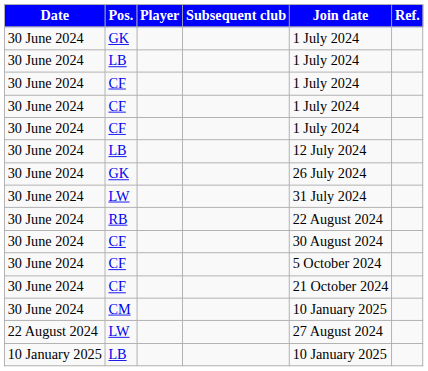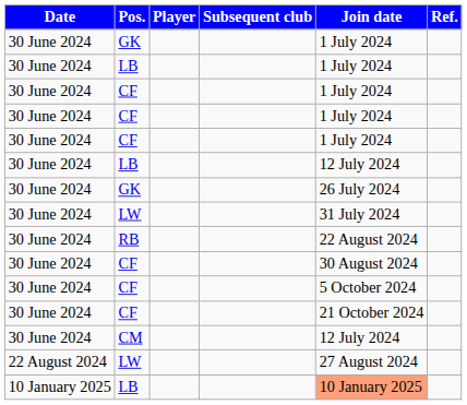 <table class="wikitable plainrowheaders sortable">
 <tr>
 <th style="background:#0000FF; color:#FFFFFF; ">Date</th>
 <th style="background:#0000FF; color:#FFFFFF; ">Pos.</th>
 <th style="background:#0000FF; color:#FFFFFF; ">Player</th>
 <th style="background:#0000FF; color:#FFFFFF; ">Subsequent club</th>
 <th style="background:#0000FF; color:#FFFFFF; ">Join date</th>
 <th style="background:#0000FF; color:#FFFFFF; ">Ref.</th>
 </tr>
 <tr>
 <td>30 June 2024</td>
 <td><a href='#'>GK</a></td>
 <td></td>
 <td></td>
 <td>1 July 2024</td>
 <td></td>
 </tr>
 <tr>
 <td>30 June 2024</td>
 <td><a href='#'>LB</a></td>
 <td></td>
 <td></td>
 <td>1 July 2024</td>
 <td></td>
 </tr>
 <tr>
 <td>30 June 2024</td>
 <td><a href='#'>CF</a></td>
 <td></td>
 <td></td>
 <td>1 July 2024</td>
 <td></td>
 </tr>
 <tr>
 <td>30 June 2024</td>
 <td><a href='#'>CF</a></td>
 <td></td>
 <td></td>
 <td>1 July 2024</td>
 <td></td>
 </tr>
 <tr>
 <td>30 June 2024</td>
 <td><a href='#'>CF</a></td>
 <td></td>
 <td></td>
 <td>1 July 2024</td>
 <td></td>
 </tr>
 <tr>
 <td>30 June 2024</td>
 <td><a href='#'>LB</a></td>
 <td></td>
 <td></td>
 <td>12 July 2024</td>
 <td></td>
 </tr>
 <tr>
 <td>30 June 2024</td>
 <td><a href='#'>GK</a></td>
 <td></td>
 <td></td>
 <td>26 July 2024</td>
 <td></td>
 </tr>
 <tr>
 <td>30 June 2024</td>
 <td><a href='#'>LW</a></td>
 <td></td>
 <td></td>
 <td>31 July 2024</td>
 <td></td>
 </tr>
 <tr>
 <td>30 June 2024</td>
 <td><a href='#'>RB</a></td>
 <td></td>
 <td></td>
 <td>22 August 2024</td>
 <td></td>
 </tr>
 <tr>
 <td>30 June 2024</td>
 <td><a href='#'>CF</a></td>
 <td></td>
 <td></td>
 <td>30 August 2024</td>
 <td></td>
 </tr>
 <tr>
 <td>30 June 2024</td>
 <td><a href='#'>CF</a></td>
 <td></td>
 <td></td>
 <td>5 October 2024</td>
 <td></td>
 </tr>
 <tr>
 <td>30 June 2024</td>
 <td><a href='#'>CF</a></td>
 <td></td>
 <td></td>
 <td>21 October 2024</td>
 <td></td>
 </tr>
 <tr>
 <td>30 June 2024</td>
 <td><a href='#'>CM</a></td>
 <td></td>
 <td></td>
-<td>10 January 2025</td>
+<td>12 July 2024</td>
 <td></td>
 </tr>
 <tr>
 <td>22 August 2024</td>
 <td><a href='#'>LW</a></td>
 <td></td>
 <td></td>
 <td>27 August 2024</td>
 <td></td>
 </tr>
 <tr>
 <td>10 January 2025</td>
 <td><a href='#'>LB</a></td>
 <td></td>
 <td></td>
-<td>10 January 2025</td>
+<td style="background: lightsalmon;">10 January 2025</td>
 <td></td>
 </tr>
 </table>
